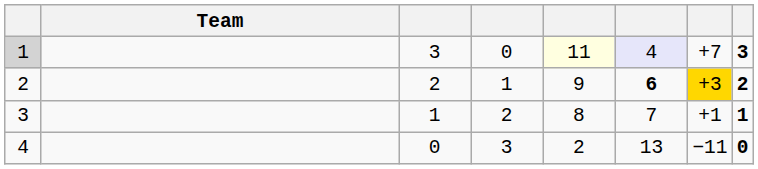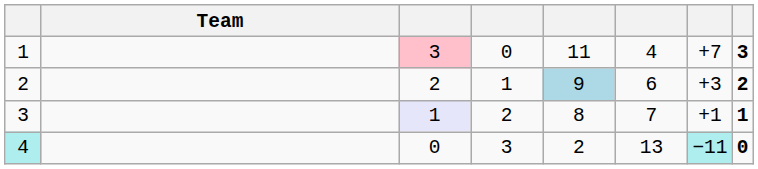 <table class="wikitable" style="text-align:center" width="500">
 <tr>
 <th width="5%"></th>
 <th width="50%">Team</th>
 <th width="10%"></th>
 <th width="10%"></th>
 <th width="10%"></th>
 <th width="10%"></th>
 <th width="10%"></th>
 <th width="10%"></th>
 </tr>
 <tr>
-<td style="background: lightgrey;">1</td>
+<td>1</td>
 <td style="text-align:left"></td>
-<td>3</td>
+<td style="background: pink;">3</td>
 <td>0</td>
-<td style="background: lightyellow;">11</td>
-<td style="background: lavender;">4</td>
+<td>11</td>
+<td>4</td>
 <td>+7</td>
 <td><strong>3</strong></td>
 </tr>
 <tr>
 <td>2</td>
 <td style="text-align:left"></td>
 <td>2</td>
 <td>1</td>
-<td>9</td>
-<td><strong>6</strong></td>
-<td style="background: gold;">+3</td>
+<td style="background: lightblue;">9</td>
+<td>6</td>
+<td>+3</td>
 <td><strong>2</strong></td>
 </tr>
 <tr>
 <td>3</td>
 <td style="text-align:left"></td>
-<td>1</td>
+<td style="background: lavender;">1</td>
 <td>2</td>
 <td>8</td>
 <td>7</td>
 <td>+1</td>
 <td><strong>1</strong></td>
 </tr>
 <tr>
-<td>4</td>
+<td style="background: paleturquoise;">4</td>
 <td style="text-align:left"></td>
 <td>0</td>
 <td>3</td>
 <td>2</td>
 <td>13</td>
-<td>−11</td>
+<td style="background: paleturquoise;">−11</td>
 <td><strong>0</strong></td>
 </tr>
 </table>
